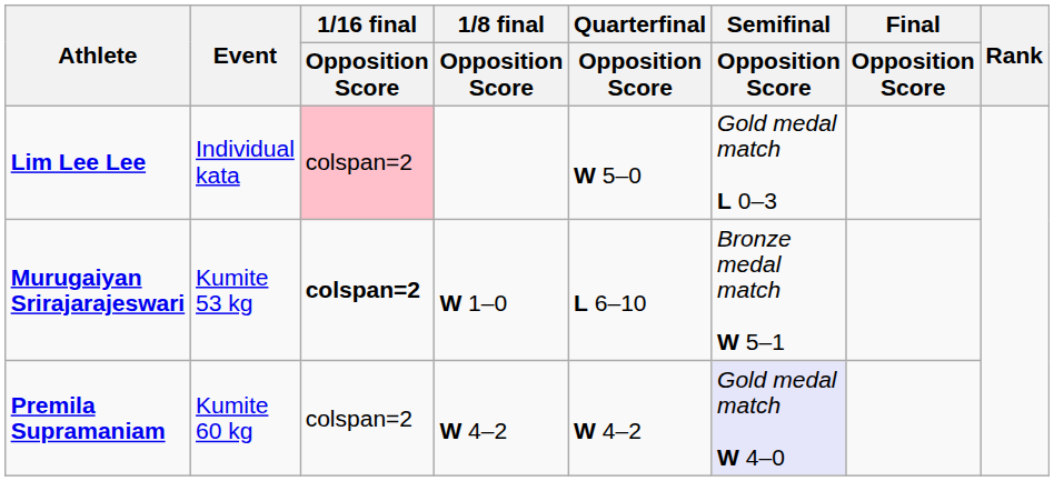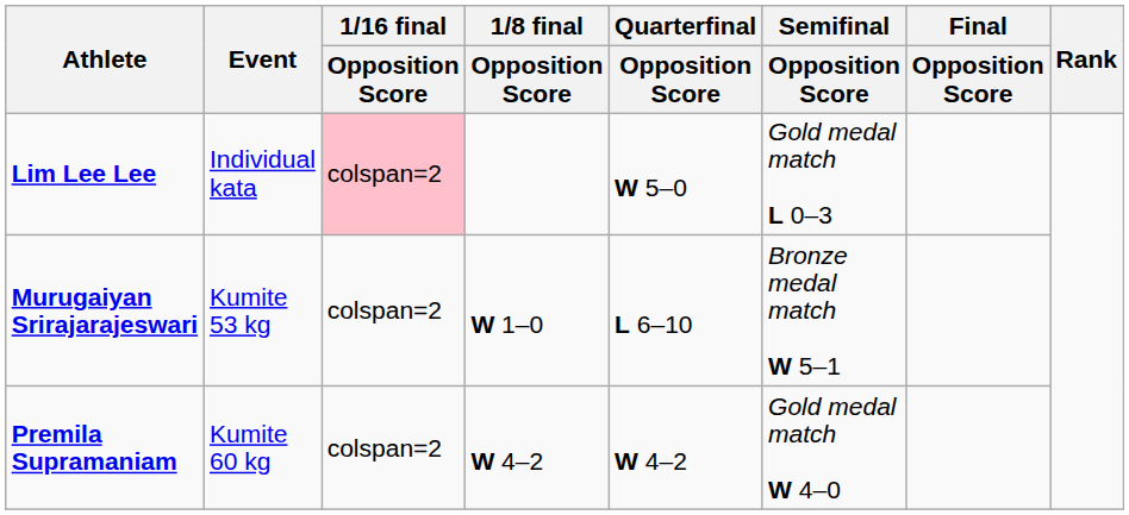 <table class="wikitable" width="100%" style="text-align:left; font-size:90%">
 <tr>
 <th rowspan=2 width="10%">Athlete</th>
 <th rowspan=2 width="6%">Event</th>
 <th width="14%">1/16 final</th>
 <th width="14%">1/8 final</th>
 <th width="14%">Quarterfinal</th>
 <th width="14%">Semifinal</th>
 <th width="14%">Final</th>
 <th rowspan=2 width="5%">Rank</th>
 </tr>
 <tr>
 <th>Opposition<br>Score</th>
 <th>Opposition<br>Score</th>
 <th>Opposition<br>Score</th>
 <th>Opposition<br>Score</th>
 <th>Opposition<br>Score</th>
 </tr>
 <tr>
 <td><strong><a href='#'>Lim Lee Lee</a></strong></td>
 <td><a href='#'>Individual kata</a></td>
 <td style="background: pink;">colspan=2 </td>
 <td></td>
 <td><br><strong>W</strong> 5–0</td>
 <td><em>Gold medal match</em><br><br><strong>L</strong> 0–3</td>
 <td align=center></td>
 </tr>
 <tr>
 <td><strong><a href='#'>Murugaiyan Srirajarajeswari</a></strong></td>
 <td><a href='#'>Kumite 53 kg</a></td>
-<td><strong>colspan=2 </strong></td>
+<td>colspan=2 </td>
 <td><br><strong>W</strong> 1–0</td>
 <td><br><strong>L</strong> 6–10</td>
 <td><em>Bronze medal match</em><br><br><strong>W</strong> 5–1</td>
 <td align=center></td>
 </tr>
 <tr>
 <td><strong><a href='#'>Premila Supramaniam</a></strong></td>
 <td><a href='#'>Kumite 60 kg</a></td>
 <td>colspan=2 </td>
 <td><br><strong>W</strong> 4–2</td>
 <td><br><strong>W</strong> 4–2</td>
-<td style="background: lavender;"><em>Gold medal match</em><br><br><strong>W</strong> 4–0</td>
+<td><em>Gold medal match</em><br><br><strong>W</strong> 4–0</td>
 <td align=center></td>
 </tr>
 </table>
